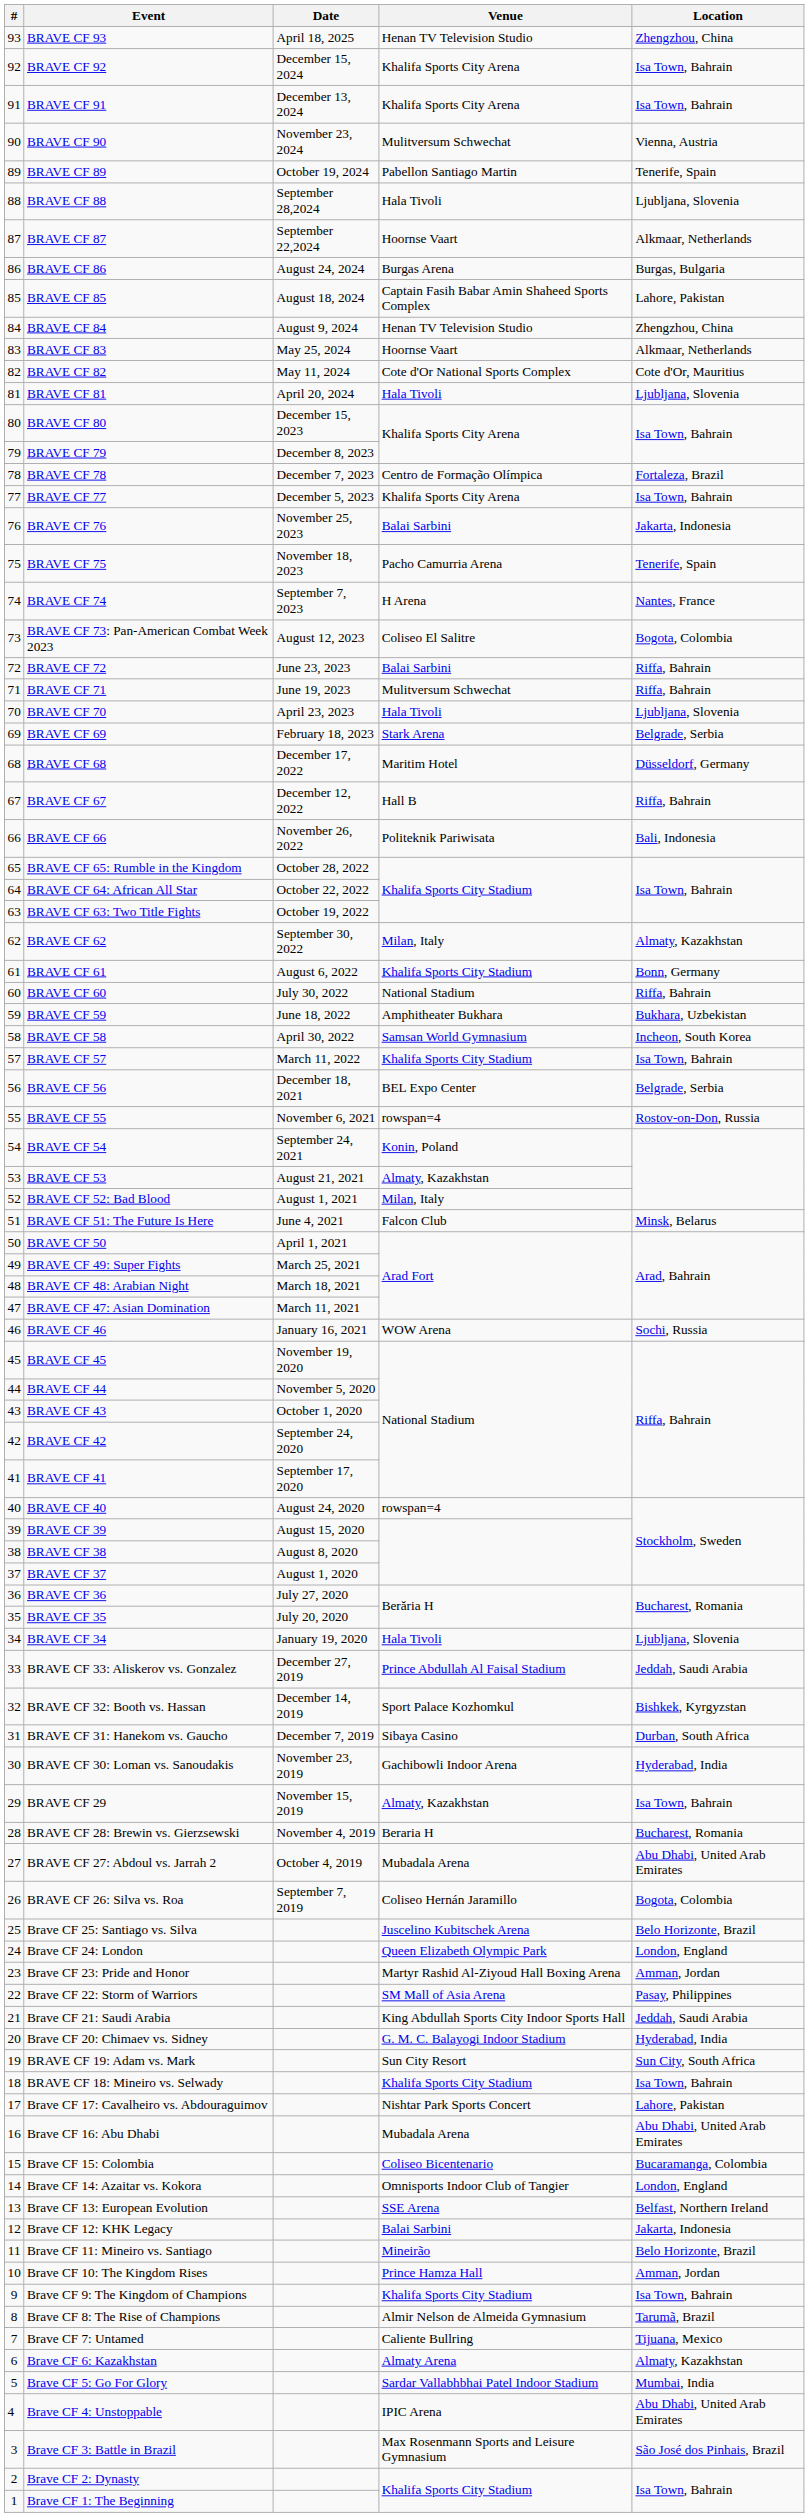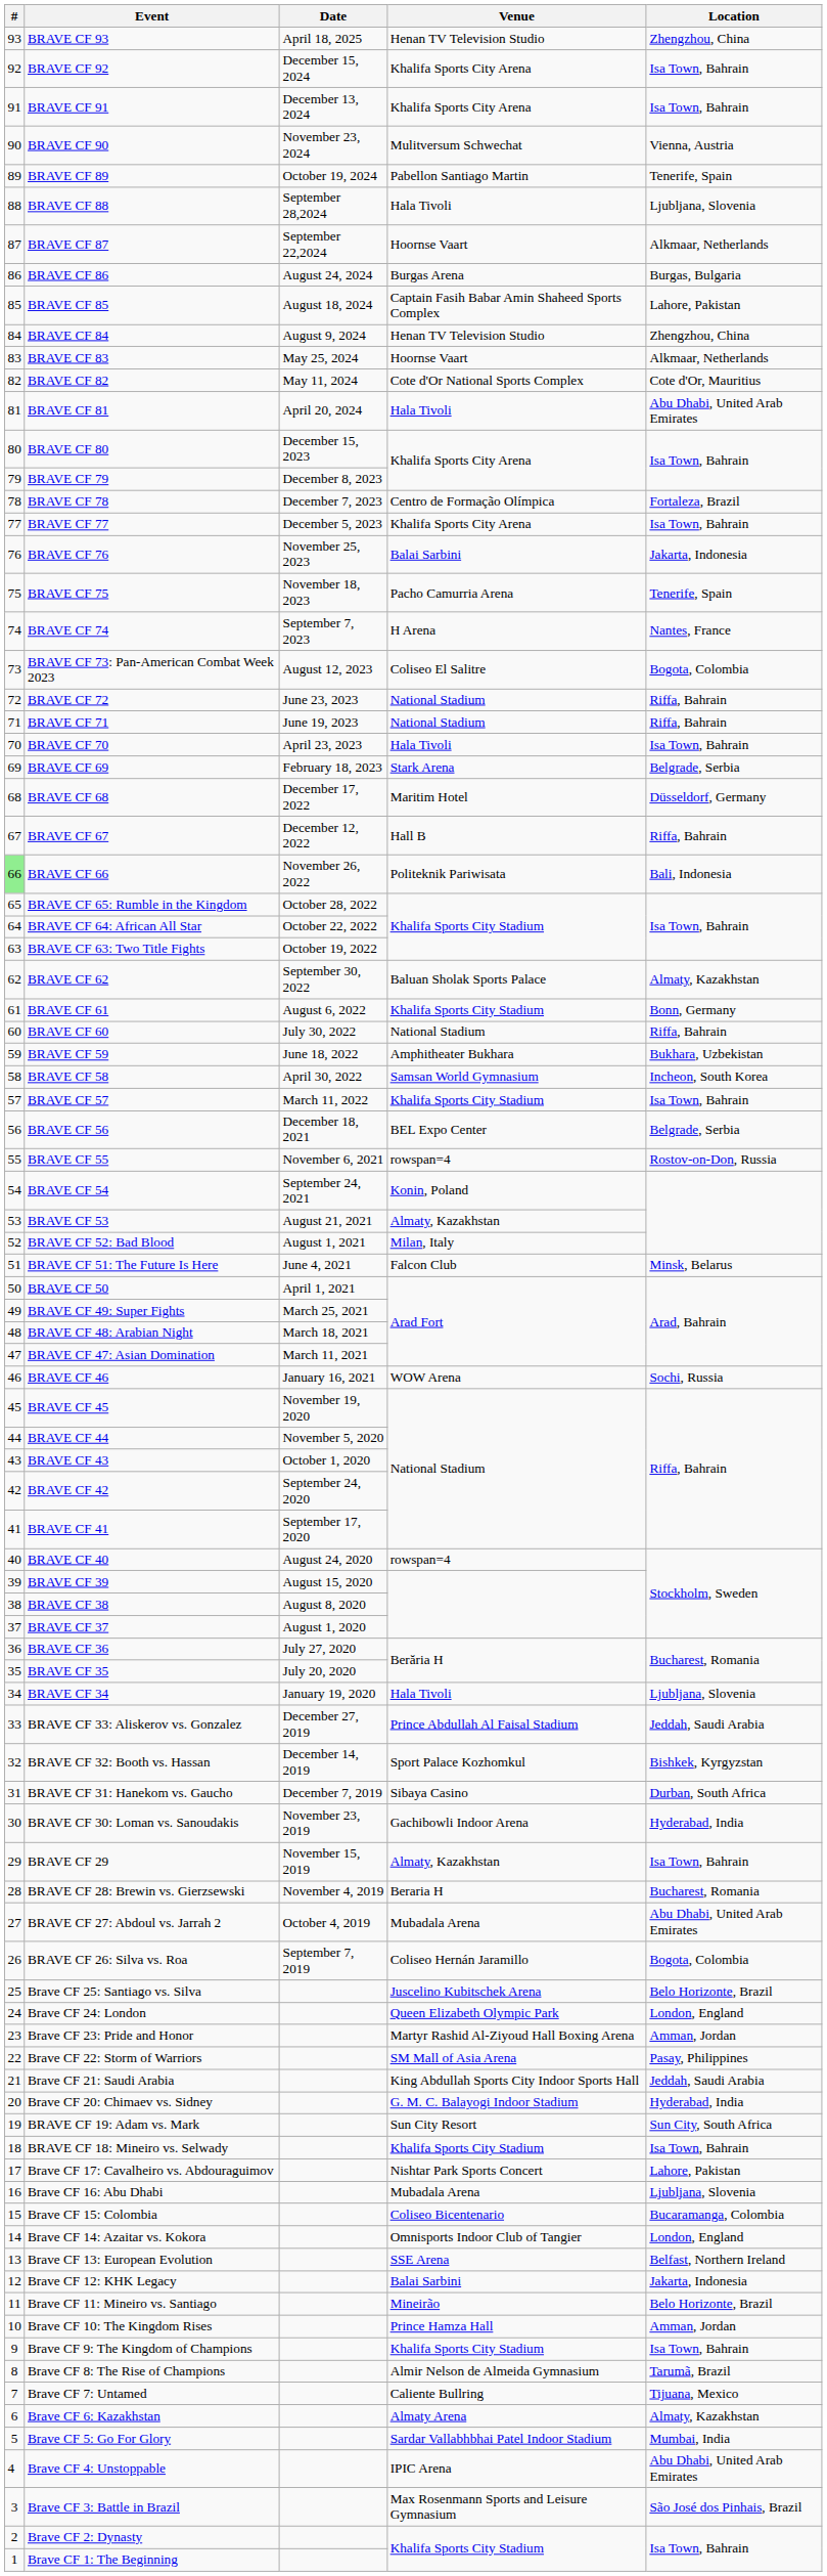 <table class="sortable wikitable succession-box" style="font-size:90%;">
 <tr>
 <th scope="col">#</th>
 <th scope="col">Event</th>
 <th scope="col">Date</th>
 <th scope="col">Venue</th>
 <th scope="col">Location</th>
 </tr>
 <tr>
 <td>93</td>
 <td><a href='#'>BRAVE CF 93</a></td>
 <td>April 18, 2025</td>
 <td>Henan TV Television Studio</td>
 <td><a href='#'>Zhengzhou</a>, China</td>
 </tr>
 <tr>
 <td>92</td>
 <td><a href='#'>BRAVE CF 92</a></td>
 <td>December 15, 2024</td>
 <td>Khalifa Sports City Arena</td>
 <td><a href='#'>Isa Town</a>, Bahrain</td>
 </tr>
 <tr>
 <td>91</td>
 <td><a href='#'>BRAVE CF 91</a></td>
 <td>December 13, 2024</td>
 <td>Khalifa Sports City Arena</td>
 <td><a href='#'>Isa Town</a>, Bahrain</td>
 </tr>
 <tr>
 <td>90</td>
 <td><a href='#'>BRAVE CF 90</a></td>
 <td>November 23, 2024</td>
 <td>Mulitversum Schwechat</td>
 <td>Vienna, Austria</td>
 </tr>
 <tr>
 <td>89</td>
 <td><a href='#'>BRAVE CF 89</a></td>
 <td>October 19, 2024</td>
 <td>Pabellon Santiago Martin</td>
 <td>Tenerife, Spain</td>
 </tr>
 <tr>
 <td>88</td>
 <td><a href='#'>BRAVE CF 88</a></td>
 <td>September 28,2024</td>
 <td>Hala Tivoli</td>
 <td>Ljubljana, Slovenia</td>
 </tr>
 <tr>
 <td>87</td>
 <td><a href='#'>BRAVE CF 87</a></td>
 <td>September 22,2024</td>
 <td>Hoornse Vaart</td>
 <td>Alkmaar, Netherlands</td>
 </tr>
 <tr>
 <td>86</td>
 <td><a href='#'>BRAVE CF 86</a></td>
 <td>August 24, 2024</td>
 <td>Burgas Arena</td>
 <td>Burgas, Bulgaria</td>
 </tr>
 <tr>
 <td>85</td>
 <td><a href='#'>BRAVE CF 85</a></td>
 <td>August 18, 2024</td>
 <td>Captain Fasih Babar Amin Shaheed Sports Complex</td>
 <td>Lahore, Pakistan</td>
 </tr>
 <tr>
 <td>84</td>
 <td><a href='#'>BRAVE CF 84</a></td>
 <td>August 9, 2024</td>
 <td>Henan TV Television Studio</td>
 <td>Zhengzhou, China</td>
 </tr>
 <tr>
 <td>83</td>
 <td><a href='#'>BRAVE CF 83</a></td>
 <td>May 25, 2024</td>
 <td>Hoornse Vaart</td>
 <td>Alkmaar, Netherlands</td>
 </tr>
 <tr>
 <td>82</td>
 <td><a href='#'>BRAVE CF 82</a></td>
 <td>May 11, 2024</td>
 <td>Cote d'Or National Sports Complex</td>
 <td>Cote d'Or, Mauritius</td>
 </tr>
 <tr>
 <td>81</td>
 <td><a href='#'>BRAVE CF 81</a></td>
 <td>April 20, 2024</td>
 <td><a href='#'>Hala Tivoli</a></td>
-<td><a href='#'>Ljubljana</a>, Slovenia</td>
+<td><a href='#'>Abu Dhabi</a>, United Arab Emirates</td>
 </tr>
 <tr>
 <td>80</td>
 <td><a href='#'>BRAVE CF 80</a></td>
 <td>December 15, 2023</td>
 <td rowspan=2>Khalifa Sports City Arena</td>
 <td rowspan=2><a href='#'>Isa Town</a>, Bahrain</td>
 </tr>
 <tr>
 <td>79</td>
 <td><a href='#'>BRAVE CF 79</a></td>
 <td>December 8, 2023</td>
 </tr>
 <tr>
 <td>78</td>
 <td><a href='#'>BRAVE CF 78</a></td>
 <td>December 7, 2023</td>
 <td>Centro de Formação Olímpica</td>
 <td><a href='#'>Fortaleza</a>, Brazil</td>
 </tr>
 <tr>
 <td>77</td>
 <td><a href='#'>BRAVE CF 77</a></td>
 <td>December 5, 2023</td>
 <td>Khalifa Sports City Arena</td>
 <td><a href='#'>Isa Town</a>, Bahrain</td>
 </tr>
 <tr>
 <td>76</td>
 <td><a href='#'>BRAVE CF 76</a></td>
 <td>November 25, 2023</td>
 <td><a href='#'>Balai Sarbini</a></td>
 <td><a href='#'>Jakarta</a>, Indonesia</td>
 </tr>
 <tr>
 <td>75</td>
 <td><a href='#'>BRAVE CF 75</a></td>
 <td>November 18, 2023</td>
 <td>Pacho Camurria Arena</td>
 <td><a href='#'>Tenerife</a>, Spain</td>
 </tr>
 <tr>
 <td>74</td>
 <td><a href='#'>BRAVE CF 74</a></td>
 <td>September 7, 2023</td>
 <td>H Arena</td>
 <td><a href='#'>Nantes</a>, France</td>
 </tr>
 <tr>
 <td>73</td>
 <td><a href='#'>BRAVE CF 73</a>: Pan-American Combat Week 2023</td>
 <td>August 12, 2023</td>
 <td>Coliseo El Salitre</td>
 <td><a href='#'>Bogota</a>, Colombia</td>
 </tr>
 <tr>
 <td>72</td>
 <td><a href='#'>BRAVE CF 72</a></td>
 <td>June 23, 2023</td>
-<td><a href='#'>Balai Sarbini</a></td>
+<td><a href='#'>National Stadium</a></td>
 <td><a href='#'>Riffa</a>, Bahrain</td>
 </tr>
 <tr>
 <td>71</td>
 <td><a href='#'>BRAVE CF 71</a></td>
 <td>June 19, 2023</td>
-<td>Mulitversum Schwechat</td>
+<td><a href='#'>National Stadium</a></td>
 <td><a href='#'>Riffa</a>, Bahrain</td>
 </tr>
 <tr>
 <td>70</td>
 <td><a href='#'>BRAVE CF 70</a></td>
 <td>April 23, 2023</td>
 <td><a href='#'>Hala Tivoli</a></td>
-<td><a href='#'>Ljubljana</a>, Slovenia</td>
+<td><a href='#'>Isa Town</a>, Bahrain</td>
 </tr>
 <tr>
 <td>69</td>
 <td><a href='#'>BRAVE CF 69</a></td>
 <td>February 18, 2023</td>
 <td><a href='#'>Stark Arena</a></td>
 <td><a href='#'>Belgrade</a>, Serbia</td>
 </tr>
 <tr>
 <td>68</td>
 <td><a href='#'>BRAVE CF 68</a></td>
 <td>December 17, 2022</td>
 <td>Maritim Hotel</td>
 <td><a href='#'>Düsseldorf</a>, Germany</td>
 </tr>
 <tr>
 <td>67</td>
 <td><a href='#'>BRAVE CF 67</a></td>
 <td>December 12, 2022</td>
 <td>Hall B</td>
 <td><a href='#'>Riffa</a>, Bahrain</td>
 </tr>
 <tr>
-<td>66</td>
+<td style="background: lightgreen;">66</td>
 <td><a href='#'>BRAVE CF 66</a></td>
 <td>November 26, 2022</td>
 <td>Politeknik Pariwisata</td>
 <td><a href='#'>Bali</a>, Indonesia</td>
 </tr>
 <tr>
 <td>65</td>
 <td><a href='#'>BRAVE CF 65: Rumble in the Kingdom</a></td>
 <td>October 28, 2022</td>
 <td rowspan=3><a href='#'>Khalifa Sports City Stadium</a></td>
 <td rowspan=3><a href='#'>Isa Town</a>, Bahrain</td>
 </tr>
 <tr>
 <td>64</td>
 <td><a href='#'>BRAVE CF 64: African All Star</a></td>
 <td>October 22, 2022</td>
 </tr>
 <tr>
 <td>63</td>
 <td><a href='#'>BRAVE CF 63: Two Title Fights</a></td>
 <td>October 19, 2022</td>
 </tr>
 <tr>
 <td>62</td>
 <td><a href='#'>BRAVE CF 62</a></td>
 <td>September 30, 2022</td>
-<td><a href='#'>Milan</a>, Italy</td>
+<td>Baluan Sholak Sports Palace</td>
 <td><a href='#'>Almaty</a>, Kazakhstan</td>
 </tr>
 <tr>
 <td>61</td>
 <td><a href='#'>BRAVE CF 61</a></td>
 <td>August 6, 2022</td>
 <td><a href='#'>Khalifa Sports City Stadium</a></td>
 <td><a href='#'>Bonn</a>, Germany</td>
 </tr>
 <tr>
 <td>60</td>
 <td><a href='#'>BRAVE CF 60</a></td>
 <td>July 30, 2022</td>
 <td>National Stadium</td>
 <td><a href='#'>Riffa</a>, Bahrain</td>
 </tr>
 <tr>
 <td>59</td>
 <td><a href='#'>BRAVE CF 59</a></td>
 <td>June 18, 2022</td>
 <td>Amphitheater Bukhara</td>
 <td><a href='#'>Bukhara</a>, Uzbekistan</td>
 </tr>
 <tr>
 <td>58</td>
 <td><a href='#'>BRAVE CF 58</a></td>
 <td>April 30, 2022</td>
 <td><a href='#'>Samsan World Gymnasium</a></td>
 <td><a href='#'>Incheon</a>, South Korea</td>
 </tr>
 <tr>
 <td>57</td>
 <td><a href='#'>BRAVE CF 57</a></td>
 <td>March 11, 2022</td>
 <td><a href='#'>Khalifa Sports City Stadium</a></td>
 <td><a href='#'>Isa Town</a>, Bahrain</td>
 </tr>
 <tr>
 <td>56</td>
 <td><a href='#'>BRAVE CF 56</a></td>
 <td>December 18, 2021</td>
 <td>BEL Expo Center</td>
 <td><a href='#'>Belgrade</a>, Serbia</td>
 </tr>
 <tr>
 <td>55</td>
 <td><a href='#'>BRAVE CF 55</a></td>
 <td>November 6, 2021</td>
 <td>rowspan=4 </td>
 <td><a href='#'>Rostov-on-Don</a>, Russia</td>
 </tr>
 <tr>
 <td>54</td>
 <td><a href='#'>BRAVE CF 54</a></td>
 <td>September 24, 2021</td>
 <td><a href='#'>Konin</a>, Poland</td>
 </tr>
 <tr>
 <td>53</td>
 <td><a href='#'>BRAVE CF 53</a></td>
 <td>August 21, 2021</td>
 <td><a href='#'>Almaty</a>, Kazakhstan</td>
 </tr>
 <tr>
 <td>52</td>
 <td><a href='#'>BRAVE CF 52: Bad Blood</a></td>
 <td>August 1, 2021</td>
 <td><a href='#'>Milan</a>, Italy</td>
 </tr>
 <tr>
 <td>51</td>
 <td><a href='#'>BRAVE CF 51: The Future Is Here</a></td>
 <td>June 4, 2021</td>
 <td>Falcon Club</td>
 <td><a href='#'>Minsk</a>, Belarus</td>
 </tr>
 <tr>
 <td>50</td>
 <td><a href='#'>BRAVE CF 50</a></td>
 <td>April 1, 2021</td>
 <td rowspan=4><a href='#'>Arad Fort</a></td>
 <td rowspan=4><a href='#'>Arad</a>, Bahrain</td>
 </tr>
 <tr>
 <td>49</td>
 <td><a href='#'>BRAVE CF 49: Super Fights</a></td>
 <td>March 25, 2021</td>
 </tr>
 <tr>
 <td>48</td>
 <td><a href='#'>BRAVE CF 48: Arabian Night</a></td>
 <td>March 18, 2021</td>
 </tr>
 <tr>
 <td>47</td>
 <td><a href='#'>BRAVE CF 47: Asian Domination</a></td>
 <td>March 11, 2021</td>
 </tr>
 <tr>
 <td>46</td>
 <td><a href='#'>BRAVE CF 46</a></td>
 <td>January 16, 2021</td>
 <td>WOW Arena</td>
 <td><a href='#'>Sochi</a>, Russia</td>
 </tr>
 <tr>
 <td>45</td>
 <td><a href='#'>BRAVE CF 45</a></td>
 <td>November 19, 2020</td>
 <td rowspan=5>National Stadium</td>
 <td rowspan=5><a href='#'>Riffa</a>, Bahrain</td>
 </tr>
 <tr>
 <td>44</td>
 <td><a href='#'>BRAVE CF 44</a></td>
 <td>November 5, 2020</td>
 </tr>
 <tr>
 <td>43</td>
 <td><a href='#'>BRAVE CF 43</a></td>
 <td>October 1, 2020</td>
 </tr>
 <tr>
 <td>42</td>
 <td><a href='#'>BRAVE CF 42</a></td>
 <td>September 24, 2020</td>
 </tr>
 <tr>
 <td>41</td>
 <td><a href='#'>BRAVE CF 41</a></td>
 <td>September 17, 2020</td>
 </tr>
 <tr>
 <td>40</td>
 <td><a href='#'>BRAVE CF 40</a></td>
 <td>August 24, 2020</td>
 <td>rowspan=4 </td>
 <td rowspan=4><a href='#'>Stockholm</a>, Sweden</td>
 </tr>
 <tr>
 <td>39</td>
 <td><a href='#'>BRAVE CF 39</a></td>
 <td>August 15, 2020</td>
 </tr>
 <tr>
 <td>38</td>
 <td><a href='#'>BRAVE CF 38</a></td>
 <td>August 8, 2020</td>
 </tr>
 <tr>
 <td>37</td>
 <td><a href='#'>BRAVE CF 37</a></td>
 <td>August 1, 2020</td>
 </tr>
 <tr>
 <td>36</td>
 <td><a href='#'>BRAVE CF 36</a></td>
 <td>July 27, 2020</td>
 <td rowspan=2>Berăria H</td>
 <td rowspan=2><a href='#'>Bucharest</a>, Romania</td>
 </tr>
 <tr>
 <td>35</td>
 <td><a href='#'>BRAVE CF 35</a></td>
 <td>July 20, 2020</td>
 </tr>
 <tr>
 <td>34</td>
 <td><a href='#'>BRAVE CF 34</a></td>
 <td>January 19, 2020</td>
 <td><a href='#'>Hala Tivoli</a></td>
 <td><a href='#'>Ljubljana</a>, Slovenia</td>
 </tr>
 <tr>
 <td>33</td>
 <td>BRAVE CF 33: Aliskerov vs. Gonzalez</td>
 <td>December 27, 2019</td>
 <td><a href='#'>Prince Abdullah Al Faisal Stadium</a></td>
 <td><a href='#'>Jeddah</a>, Saudi Arabia</td>
 </tr>
 <tr>
 <td>32</td>
 <td>BRAVE CF 32: Booth vs. Hassan</td>
 <td>December 14, 2019</td>
 <td>Sport Palace Kozhomkul</td>
 <td><a href='#'>Bishkek</a>, Kyrgyzstan</td>
 </tr>
 <tr>
 <td>31</td>
 <td>BRAVE CF 31: Hanekom vs. Gaucho</td>
 <td>December 7, 2019</td>
 <td>Sibaya Casino</td>
 <td><a href='#'>Durban</a>, South Africa</td>
 </tr>
 <tr>
 <td>30</td>
 <td>BRAVE CF 30: Loman vs. Sanoudakis</td>
 <td>November 23, 2019</td>
 <td>Gachibowli Indoor Arena</td>
 <td><a href='#'>Hyderabad</a>, India</td>
 </tr>
 <tr>
 <td>29</td>
 <td>BRAVE CF 29</td>
 <td>November 15, 2019</td>
 <td><a href='#'>Almaty</a>, Kazakhstan</td>
 <td><a href='#'>Isa Town</a>, Bahrain</td>
 </tr>
 <tr>
 <td>28</td>
 <td>BRAVE CF 28: Brewin vs. Gierzsewski</td>
 <td>November 4, 2019</td>
 <td>Beraria H</td>
 <td><a href='#'>Bucharest</a>, Romania</td>
 </tr>
 <tr>
 <td>27</td>
 <td>BRAVE CF 27: Abdoul vs. Jarrah 2</td>
 <td>October 4, 2019</td>
 <td>Mubadala Arena</td>
 <td><a href='#'>Abu Dhabi</a>, United Arab Emirates</td>
 </tr>
 <tr>
 <td>26</td>
 <td>BRAVE CF 26: Silva vs. Roa</td>
 <td>September 7, 2019</td>
 <td>Coliseo Hernán Jaramillo</td>
 <td><a href='#'>Bogota</a>, Colombia</td>
 </tr>
 <tr>
 <td align=center>25</td>
 <td>Brave CF 25: Santiago vs. Silva</td>
 <td></td>
 <td><a href='#'>Juscelino Kubitschek Arena</a></td>
 <td><a href='#'>Belo Horizonte</a>, Brazil</td>
 </tr>
 <tr>
 <td align=center>24</td>
 <td>Brave CF 24: London</td>
 <td></td>
 <td><a href='#'>Queen Elizabeth Olympic Park</a></td>
 <td><a href='#'>London</a>, England</td>
 </tr>
 <tr>
 <td align=center>23</td>
 <td>Brave CF 23: Pride and Honor</td>
 <td></td>
 <td>Martyr Rashid Al-Ziyoud Hall Boxing Arena</td>
 <td><a href='#'>Amman</a>, Jordan</td>
 </tr>
 <tr>
 <td align=center>22</td>
 <td>Brave CF 22: Storm of Warriors</td>
 <td></td>
 <td><a href='#'>SM Mall of Asia Arena</a></td>
 <td><a href='#'>Pasay</a>, Philippines</td>
 </tr>
 <tr>
 <td align=center>21</td>
 <td>Brave CF 21: Saudi Arabia</td>
 <td></td>
 <td>King Abdullah Sports City Indoor Sports Hall</td>
 <td><a href='#'>Jeddah</a>, Saudi Arabia</td>
 </tr>
 <tr>
 <td>20</td>
 <td>Brave CF 20: Chimaev vs. Sidney</td>
 <td></td>
 <td><a href='#'>G. M. C. Balayogi Indoor Stadium</a></td>
 <td><a href='#'>Hyderabad</a>, India</td>
 </tr>
 <tr>
 <td align=center>19</td>
 <td>BRAVE CF 19: Adam vs. Mark</td>
 <td></td>
 <td>Sun City Resort</td>
 <td><a href='#'>Sun City</a>, South Africa</td>
 </tr>
 <tr>
 <td align=center>18</td>
 <td>BRAVE CF 18: Mineiro vs. Selwady</td>
 <td></td>
 <td><a href='#'>Khalifa Sports City Stadium</a></td>
 <td><a href='#'>Isa Town</a>, Bahrain</td>
 </tr>
 <tr>
 <td align=center>17</td>
 <td>Brave CF 17: Cavalheiro vs. Abdouraguimov</td>
 <td></td>
 <td>Nishtar Park Sports Concert</td>
 <td><a href='#'>Lahore</a>, Pakistan</td>
 </tr>
 <tr>
 <td align=center>16</td>
 <td>Brave CF 16: Abu Dhabi</td>
 <td></td>
 <td>Mubadala Arena</td>
-<td><a href='#'>Abu Dhabi</a>, United Arab Emirates</td>
+<td><a href='#'>Ljubljana</a>, Slovenia</td>
 </tr>
 <tr>
 <td align=center>15</td>
 <td>Brave CF 15: Colombia</td>
 <td></td>
 <td><a href='#'>Coliseo Bicentenario</a></td>
 <td><a href='#'>Bucaramanga</a>, Colombia</td>
 </tr>
 <tr>
 <td align=center>14</td>
 <td>Brave CF 14: Azaitar vs. Kokora</td>
 <td></td>
 <td>Omnisports Indoor Club of Tangier</td>
 <td><a href='#'>London</a>, England</td>
 </tr>
 <tr>
 <td align=center>13</td>
 <td>Brave CF 13: European Evolution</td>
 <td></td>
 <td><a href='#'>SSE Arena</a></td>
 <td><a href='#'>Belfast</a>, Northern Ireland</td>
 </tr>
 <tr>
 <td align=center>12</td>
 <td>Brave CF 12: KHK Legacy</td>
 <td></td>
 <td><a href='#'>Balai Sarbini</a></td>
 <td><a href='#'>Jakarta</a>, Indonesia</td>
 </tr>
 <tr>
 <td align=center>11</td>
 <td>Brave CF 11: Mineiro vs. Santiago</td>
 <td></td>
 <td><a href='#'>Mineirão</a></td>
 <td><a href='#'>Belo Horizonte</a>, Brazil</td>
 </tr>
 <tr>
 <td align=center>10</td>
 <td>Brave CF 10: The Kingdom Rises</td>
 <td></td>
 <td><a href='#'>Prince Hamza Hall</a></td>
 <td><a href='#'>Amman</a>, Jordan</td>
 </tr>
 <tr>
 <td align=center>9</td>
 <td>Brave CF 9: The Kingdom of Champions</td>
 <td></td>
 <td><a href='#'>Khalifa Sports City Stadium</a></td>
 <td><a href='#'>Isa Town</a>, Bahrain</td>
 </tr>
 <tr>
 <td align=center>8</td>
 <td>Brave CF 8: The Rise of Champions</td>
 <td></td>
 <td>Almir Nelson de Almeida Gymnasium</td>
 <td><a href='#'>Tarumã</a>, Brazil</td>
 </tr>
 <tr>
 <td align=center>7</td>
 <td>Brave CF 7: Untamed</td>
 <td></td>
 <td>Caliente Bullring</td>
 <td><a href='#'>Tijuana</a>, Mexico</td>
 </tr>
 <tr>
 <td align=center>6</td>
 <td><a href='#'>Brave CF 6: Kazakhstan</a></td>
 <td></td>
 <td><a href='#'>Almaty Arena</a></td>
 <td><a href='#'>Almaty</a>, Kazakhstan</td>
 </tr>
 <tr>
 <td align=center>5</td>
 <td><a href='#'>Brave CF 5: Go For Glory</a></td>
 <td></td>
 <td><a href='#'>Sardar Vallabhbhai Patel Indoor Stadium</a></td>
 <td><a href='#'>Mumbai</a>, India</td>
 </tr>
 <tr>
 <td>4</td>
 <td><a href='#'>Brave CF 4: Unstoppable</a></td>
 <td></td>
 <td>IPIC Arena</td>
 <td><a href='#'>Abu Dhabi</a>, United Arab Emirates</td>
 </tr>
 <tr>
 <td align=center>3</td>
 <td><a href='#'>Brave CF 3: Battle in Brazil</a></td>
 <td></td>
 <td>Max Rosenmann Sports and Leisure Gymnasium</td>
 <td><a href='#'>São José dos Pinhais</a>, Brazil</td>
 </tr>
 <tr>
 <td align=center>2</td>
 <td><a href='#'>Brave CF 2: Dynasty</a></td>
 <td></td>
 <td rowspan=2><a href='#'>Khalifa Sports City Stadium</a></td>
 <td rowspan=2><a href='#'>Isa Town</a>, Bahrain</td>
 </tr>
 <tr>
 <td align=center>1</td>
 <td><a href='#'>Brave CF 1: The Beginning</a></td>
 <td></td>
 </tr>
 </table>
